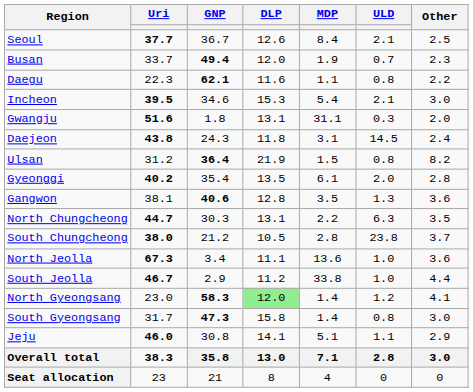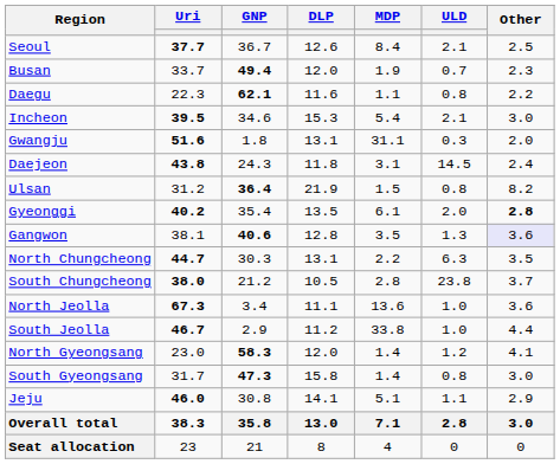 <table class="wikitable nowrap sortable" style="text-align:center; font-size:90%">
 <tr>
 <th rowspan="2">Region</th>
 <th style="width:50px" class="unsortable"><a href='#'>Uri</a></th>
 <th style="width:50px" class="unsortable"><a href='#'>GNP</a></th>
 <th style="width:50px" class="unsortable"><a href='#'>DLP</a></th>
 <th style="width:50px" class="unsortable"><a href='#'>MDP</a></th>
 <th style="width:50px" class="unsortable"><a href='#'>ULD</a></th>
 <th rowspan="2" style="width:50px" class="unsortable">Other</th>
 </tr>
 <tr>
 <th style="background:"></th>
 <th style="background:"></th>
 <th style="background:"></th>
 <th style="background:"></th>
 <th style="background:"></th>
 </tr>
 <tr>
 <td style="text-align:left"><a href='#'>Seoul</a></td>
 <td><strong>37.7</strong></td>
 <td>36.7</td>
 <td>12.6</td>
 <td>8.4</td>
 <td>2.1</td>
 <td>2.5</td>
 </tr>
 <tr>
 <td style="text-align:left"><a href='#'>Busan</a></td>
 <td>33.7</td>
 <td><strong>49.4</strong></td>
 <td>12.0</td>
 <td>1.9</td>
 <td>0.7</td>
 <td>2.3</td>
 </tr>
 <tr>
 <td style="text-align:left"><a href='#'>Daegu</a></td>
 <td>22.3</td>
 <td><strong>62.1</strong></td>
 <td>11.6</td>
 <td>1.1</td>
 <td>0.8</td>
 <td>2.2</td>
 </tr>
 <tr>
 <td style="text-align:left"><a href='#'>Incheon</a></td>
 <td><strong>39.5</strong></td>
 <td>34.6</td>
 <td>15.3</td>
 <td>5.4</td>
 <td>2.1</td>
 <td>3.0</td>
 </tr>
 <tr>
 <td style="text-align:left"><a href='#'>Gwangju</a></td>
 <td><strong>51.6</strong></td>
 <td>1.8</td>
 <td>13.1</td>
 <td>31.1</td>
 <td>0.3</td>
 <td>2.0</td>
 </tr>
 <tr>
 <td style="text-align:left"><a href='#'>Daejeon</a></td>
 <td><strong>43.8</strong></td>
 <td>24.3</td>
 <td>11.8</td>
 <td>3.1</td>
 <td>14.5</td>
 <td>2.4</td>
 </tr>
 <tr>
 <td style="text-align:left"><a href='#'>Ulsan</a></td>
 <td>31.2</td>
 <td><strong>36.4</strong></td>
 <td>21.9</td>
 <td>1.5</td>
 <td>0.8</td>
 <td>8.2</td>
 </tr>
 <tr>
 <td style="text-align:left"><a href='#'>Gyeonggi</a></td>
 <td><strong>40.2</strong></td>
 <td>35.4</td>
 <td>13.5</td>
 <td>6.1</td>
 <td>2.0</td>
-<td>2.8</td>
+<td><strong>2.8</strong></td>
 </tr>
 <tr>
 <td style="text-align:left"><a href='#'>Gangwon</a></td>
 <td>38.1</td>
 <td><strong>40.6</strong></td>
 <td>12.8</td>
 <td>3.5</td>
 <td>1.3</td>
-<td>3.6</td>
+<td style="background: lavender;">3.6</td>
 </tr>
 <tr>
 <td style="text-align:left" data-sort-value="Chungcheong N"><a href='#'>North Chungcheong</a></td>
 <td><strong>44.7</strong></td>
 <td>30.3</td>
 <td>13.1</td>
 <td>2.2</td>
 <td>6.3</td>
 <td>3.5</td>
 </tr>
 <tr>
 <td style="text-align:left" data-sort-value="Chungcheong S"><a href='#'>South Chungcheong</a></td>
 <td><strong>38.0</strong></td>
 <td>21.2</td>
 <td>10.5</td>
 <td>2.8</td>
 <td>23.8</td>
 <td>3.7</td>
 </tr>
 <tr>
 <td style="text-align:left" data-sort-value="Jeolla N"><a href='#'>North Jeolla</a></td>
 <td><strong>67.3</strong></td>
 <td>3.4</td>
 <td>11.1</td>
 <td>13.6</td>
 <td>1.0</td>
 <td>3.6</td>
 </tr>
 <tr>
 <td style="text-align:left" data-sort-value="Jeolla S"><a href='#'>South Jeolla</a></td>
 <td><strong>46.7</strong></td>
 <td>2.9</td>
 <td>11.2</td>
 <td>33.8</td>
 <td>1.0</td>
 <td>4.4</td>
 </tr>
 <tr>
 <td style="text-align:left" data-sort-value="Gyeongsang N"><a href='#'>North Gyeongsang</a></td>
 <td>23.0</td>
 <td><strong>58.3</strong></td>
-<td style="background: lightgreen;">12.0</td>
+<td>12.0</td>
 <td>1.4</td>
 <td>1.2</td>
 <td>4.1</td>
 </tr>
 <tr>
 <td style="text-align:left" data-sort-value="Gyeongsang S"><a href='#'>South Gyeongsang</a></td>
 <td>31.7</td>
 <td><strong>47.3</strong></td>
 <td>15.8</td>
 <td>1.4</td>
 <td>0.8</td>
 <td>3.0</td>
 </tr>
 <tr>
 <td style="text-align:left"><a href='#'>Jeju</a></td>
 <td><strong>46.0</strong></td>
 <td>30.8</td>
 <td>14.1</td>
 <td>5.1</td>
 <td>1.1</td>
 <td>2.9</td>
 </tr>
 <tr class="sortbottom">
 <th style="text-align:left">Overall total</th>
 <td><strong>38.3</strong></td>
 <th>35.8</th>
 <th>13.0</th>
 <th>7.1</th>
 <th>2.8</th>
 <th>3.0</th>
 </tr>
 <tr class="sortbottom">
 <th style="text-align:left">Seat allocation</th>
 <td>23</td>
 <td>21</td>
 <td>8</td>
 <td>4</td>
 <td>0</td>
 <td>0</td>
 </tr>
 </table>
